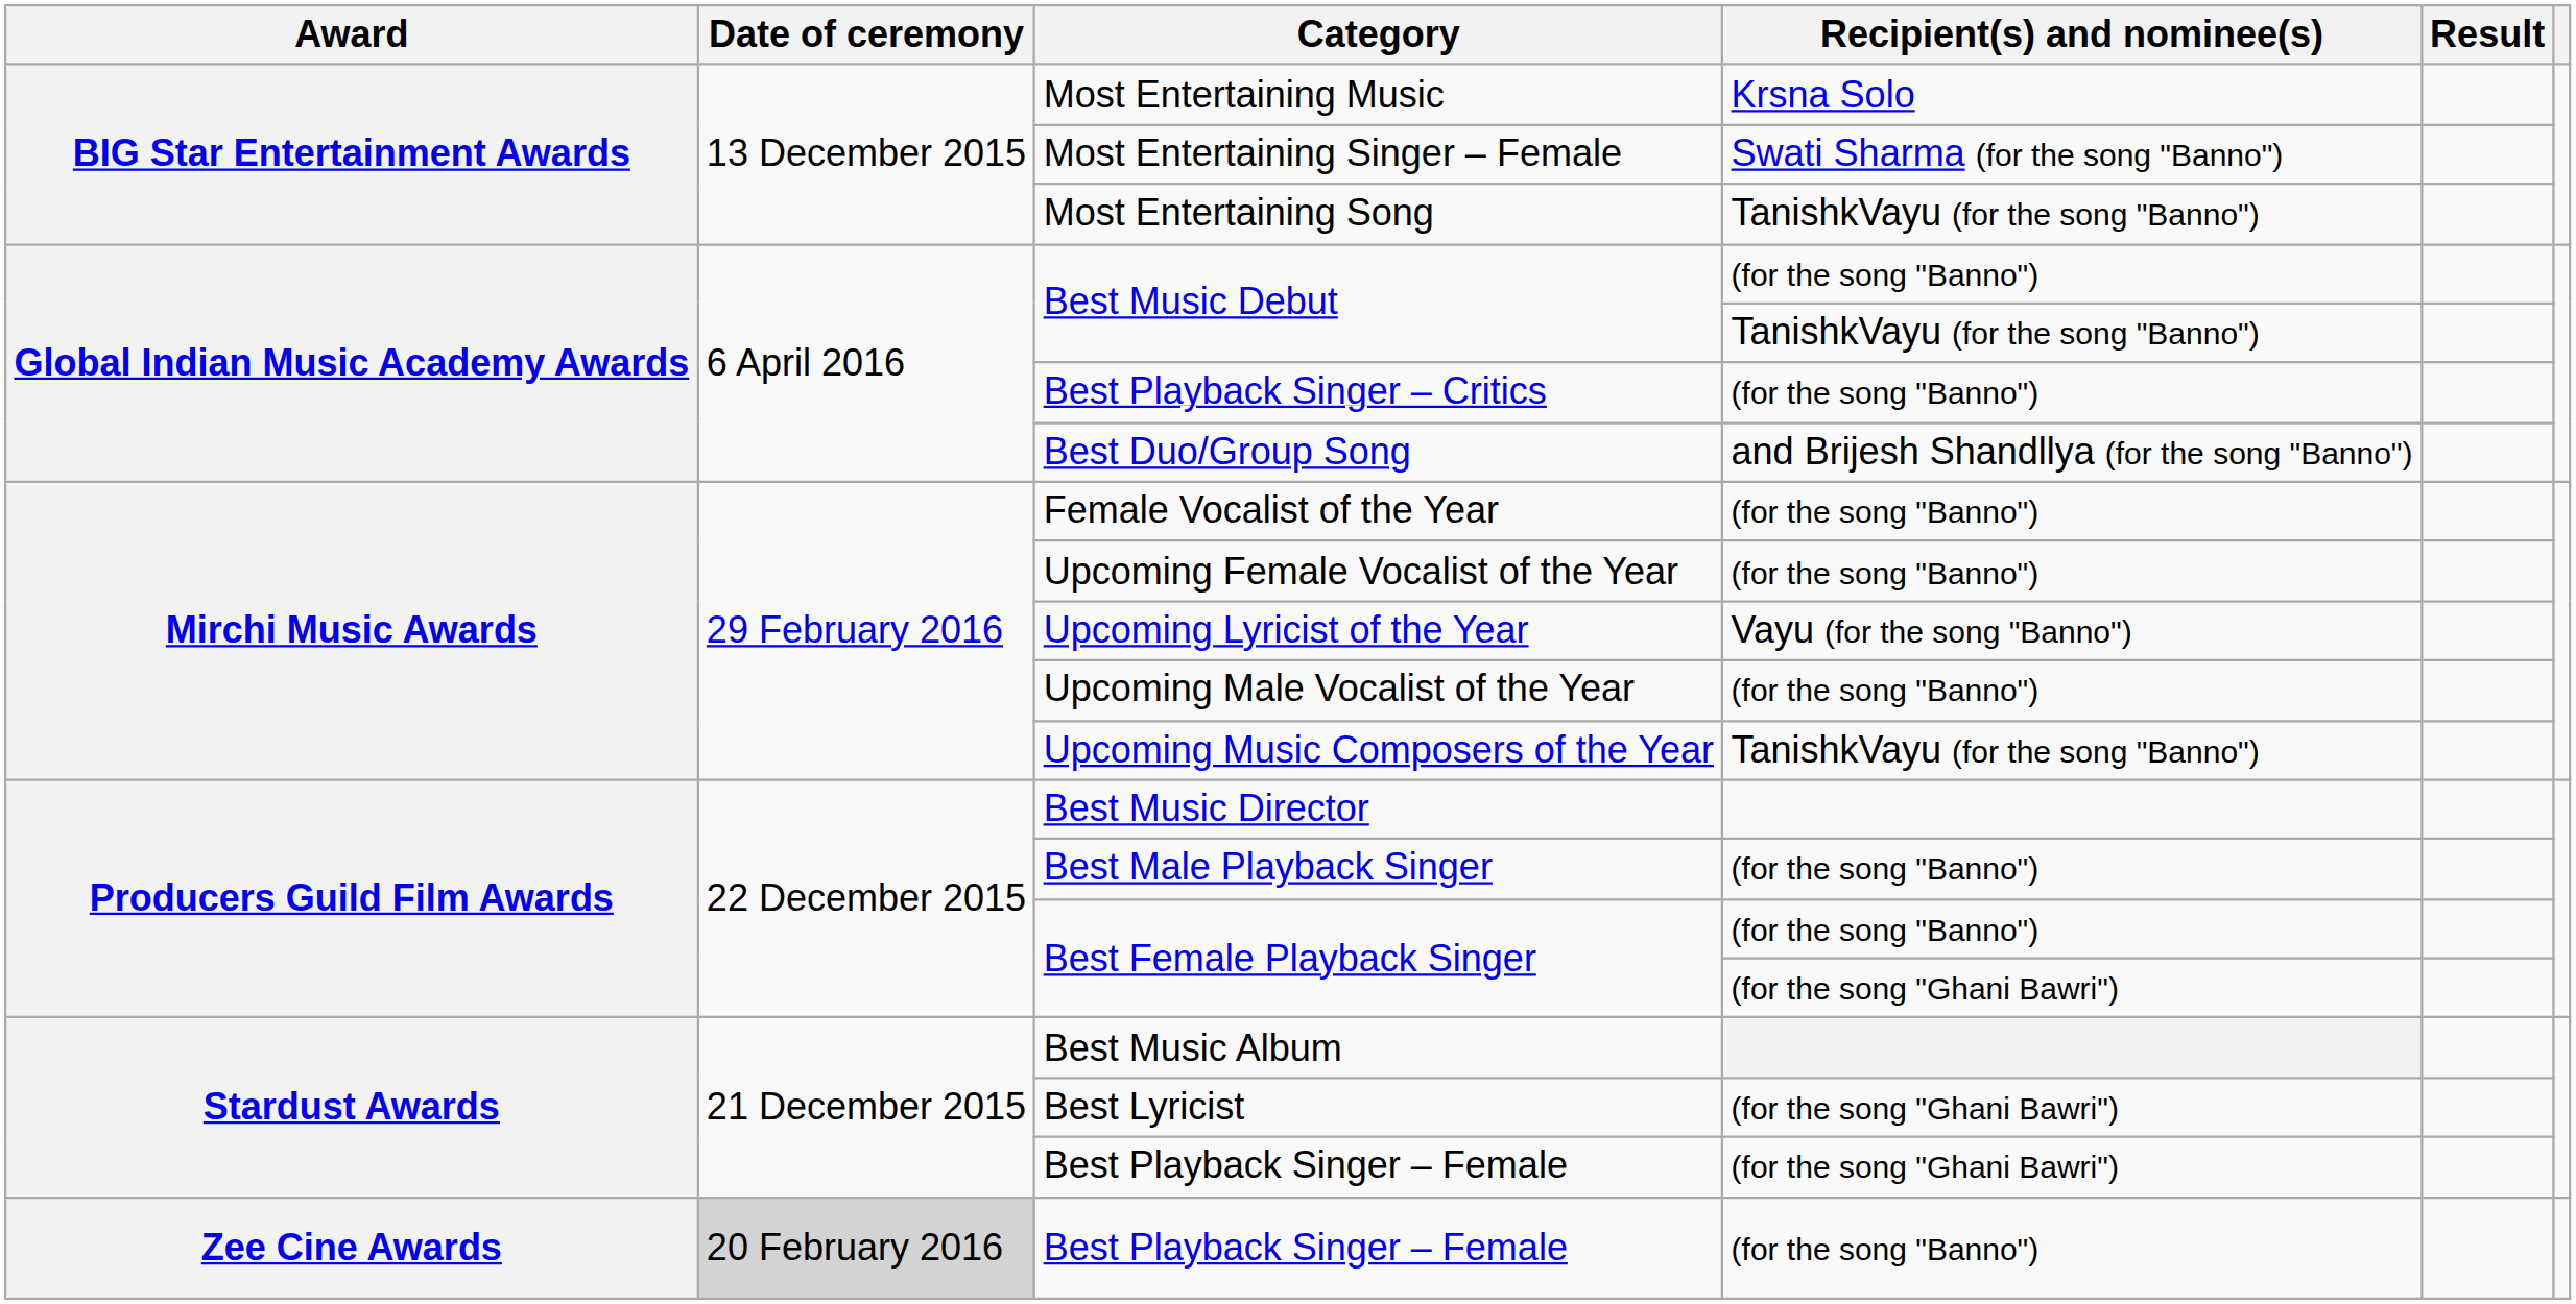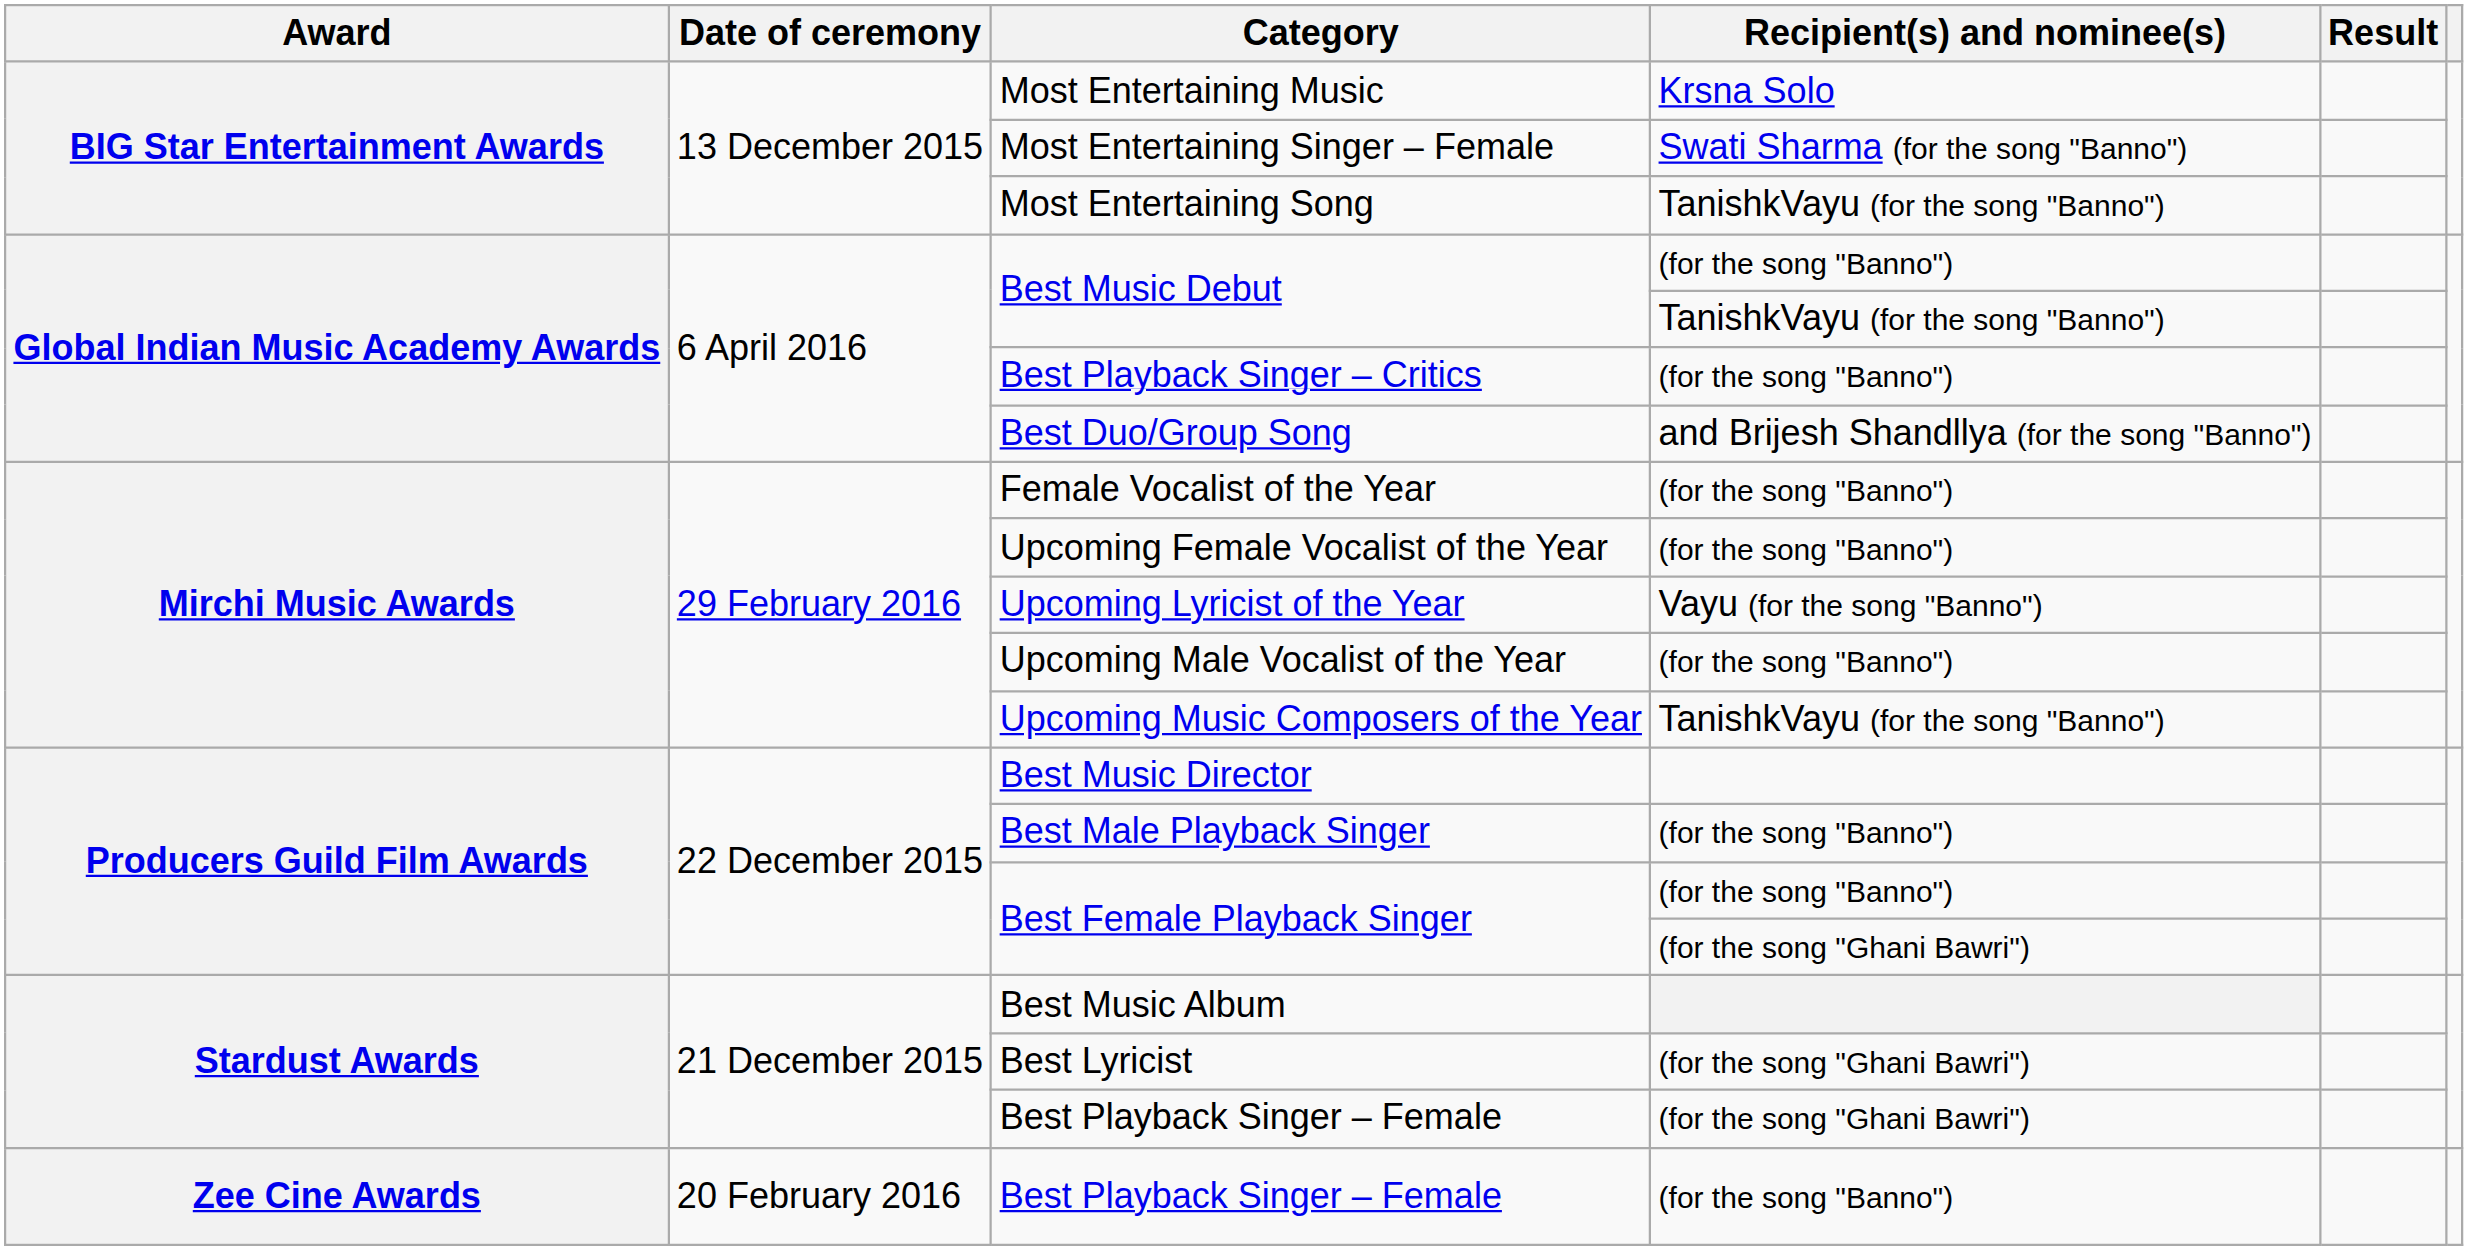 <table class="wikitable plainrowheaders sortable">
 <tr>
 <th scope="col">Award</th>
 <th scope="col">Date of ceremony</th>
 <th scope="col">Category</th>
 <th scope="col">Recipient(s) and nominee(s)</th>
 <th scope="col">Result</th>
 <th scope="col" class="unsortable"></th>
 </tr>
 <tr>
 <th scope="row" rowspan="3"><a href='#'>BIG Star Entertainment Awards</a></th>
 <td rowspan="3">13 December 2015</td>
 <td>Most Entertaining Music</td>
 <td><a href='#'>Krsna Solo</a></td>
 <td></td>
 <td style="text-align:center;" rowspan="3"><br><br></td>
 </tr>
 <tr>
 <td>Most Entertaining Singer – Female</td>
 <td><a href='#'>Swati Sharma</a> <small>(for the song "Banno")</small></td>
 <td></td>
 </tr>
 <tr>
 <td>Most Entertaining Song</td>
 <td>TanishkVayu <small>(for the song "Banno")</small></td>
 <td></td>
 </tr>
 <tr>
 <th scope="row" rowspan="4"><a href='#'>Global Indian Music Academy Awards</a></th>
 <td rowspan="4">6 April 2016</td>
 <td rowspan="2"><a href='#'>Best Music Debut</a></td>
 <td> <small>(for the song "Banno")</small></td>
 <td></td>
 <td rowspan="4" style="text-align:center;"><br></td>
 </tr>
 <tr>
 <td>TanishkVayu <small>(for the song "Banno")</small></td>
 <td></td>
 </tr>
 <tr>
 <td><a href='#'>Best Playback Singer – Critics</a></td>
 <td> <small>(for the song "Banno")</small></td>
 <td></td>
 </tr>
 <tr>
 <td><a href='#'>Best Duo/Group Song</a></td>
 <td> and Brijesh Shandllya <small>(for the song "Banno")</small></td>
 <td></td>
 </tr>
 <tr>
 <th scope="row" rowspan="5"><a href='#'>Mirchi Music Awards</a></th>
 <td rowspan="5"><a href='#'>29 February 2016</a></td>
 <td>Female Vocalist of the Year</td>
 <td> <small>(for the song "Banno")</small></td>
 <td></td>
 <td rowspan="5" style="text-align:center;"></td>
 </tr>
 <tr>
 <td>Upcoming Female Vocalist of the Year</td>
 <td> <small>(for the song "Banno")</small></td>
 <td></td>
 </tr>
 <tr>
 <td><a href='#'>Upcoming Lyricist of the Year</a></td>
 <td>Vayu <small>(for the song "Banno")</small></td>
 <td></td>
 </tr>
 <tr>
 <td>Upcoming Male Vocalist of the Year</td>
 <td> <small>(for the song "Banno")</small></td>
 <td></td>
 </tr>
 <tr>
 <td><a href='#'>Upcoming Music Composers of the Year</a></td>
 <td>TanishkVayu <small>(for the song "Banno")</small></td>
 <td></td>
 </tr>
 <tr>
 <th scope="row" rowspan="4"><a href='#'>Producers Guild Film Awards</a></th>
 <td rowspan="4">22 December 2015</td>
 <td><a href='#'>Best Music Director</a></td>
 <td></td>
 <td></td>
 <td style="text-align:center;" rowspan="4"><br></td>
 </tr>
 <tr>
 <td><a href='#'>Best Male Playback Singer</a></td>
 <td> <small>(for the song "Banno")</small></td>
 <td></td>
 </tr>
 <tr>
 <td rowspan="2"><a href='#'>Best Female Playback Singer</a></td>
 <td> <small>(for the song "Banno")</small></td>
 <td></td>
 </tr>
 <tr>
 <td> <small>(for the song "Ghani Bawri")</small></td>
 <td></td>
 </tr>
 <tr>
 <th scope="row" rowspan="3"><a href='#'>Stardust Awards</a></th>
 <td rowspan="3">21 December 2015</td>
 <td>Best Music Album</td>
 <th></th>
 <td></td>
 <td style="text-align:center;" rowspan="3"><br></td>
 </tr>
 <tr>
 <td>Best Lyricist</td>
 <td> <small>(for the song "Ghani Bawri")</small></td>
 <td></td>
 </tr>
 <tr>
 <td>Best Playback Singer – Female</td>
 <td> <small>(for the song "Ghani Bawri")</small></td>
 <td></td>
 </tr>
 <tr>
 <th scope="row"><a href='#'>Zee Cine Awards</a></th>
-<td style="background: lightgrey;">20 February 2016</td>
+<td>20 February 2016</td>
 <td><a href='#'>Best Playback Singer – Female</a></td>
 <td> <small>(for the song "Banno")</small></td>
 <td></td>
 <td style="text-align:center;"><br><br></td>
 </tr>
 </table>
